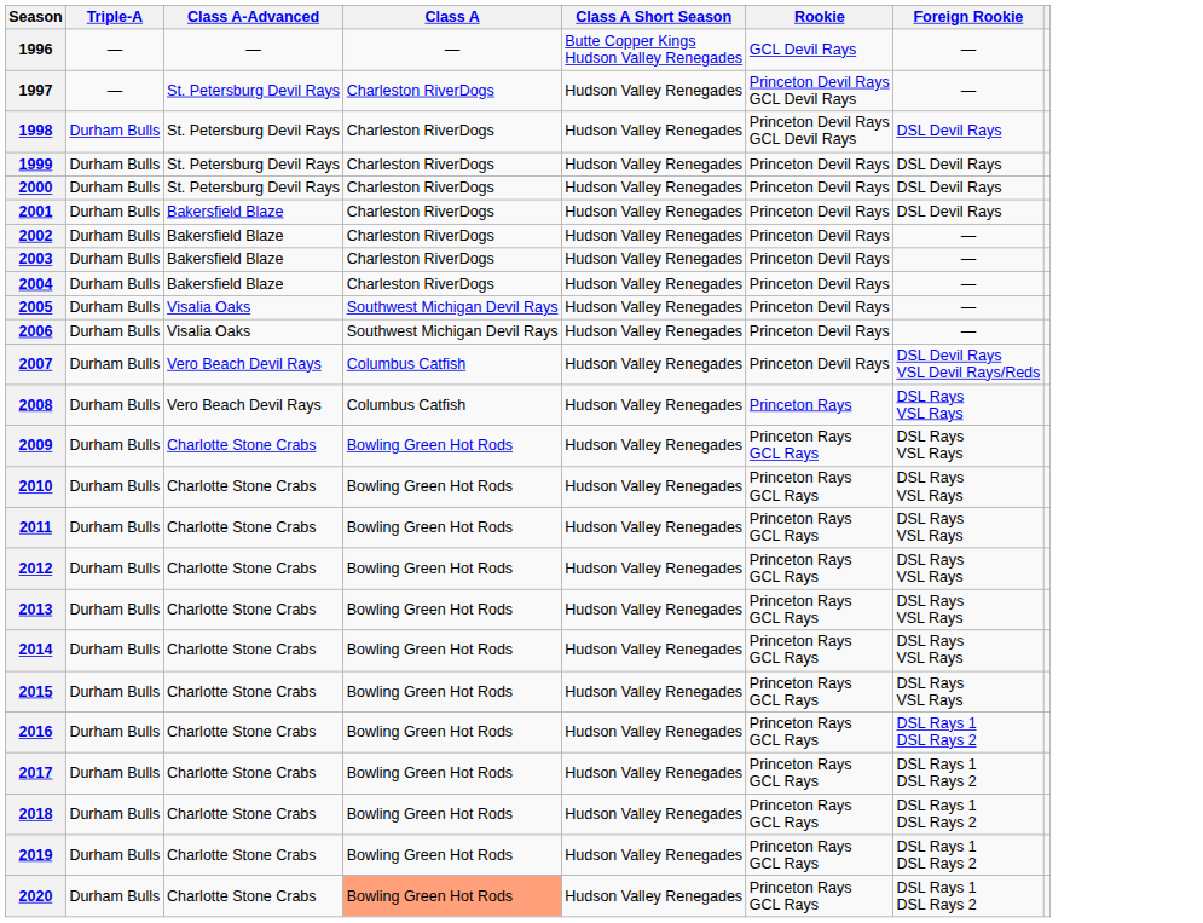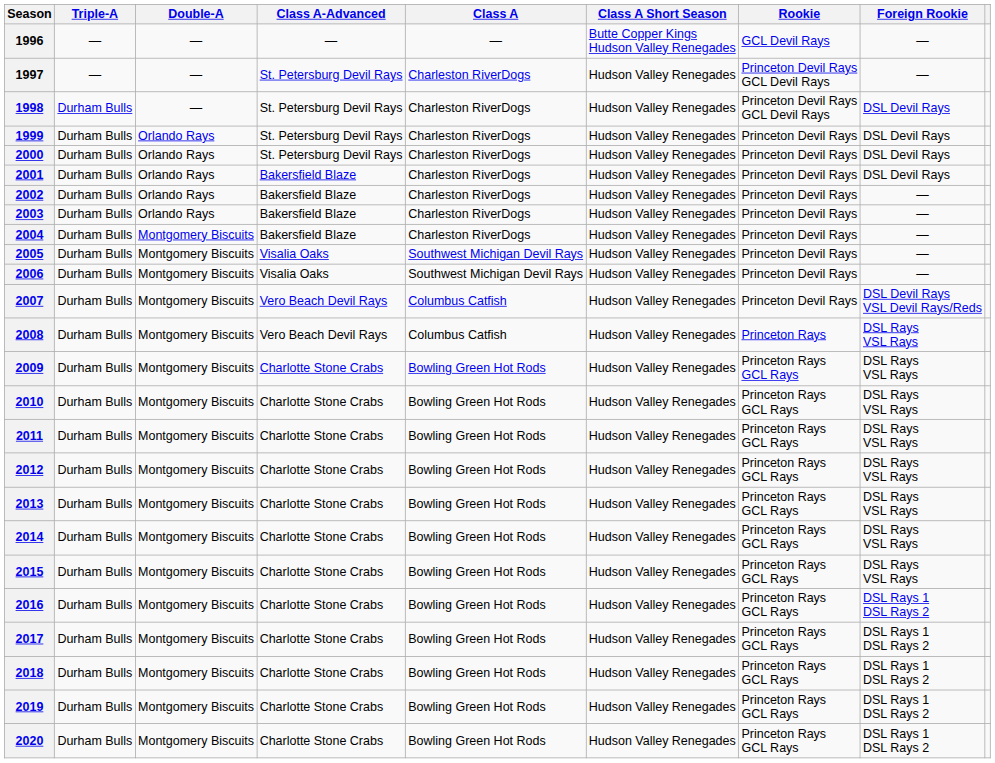 <table class="wikitable plainrowheaders">
 <tr>
 <th scope="col">Season</th>
 <th scope="col"><a href='#'><span>Triple-A</span></a></th>
+<th scope="col"><a href='#'><span>Double-A</span></a></th>
 <th scope="col"><a href='#'><span>Class A-Advanced</span></a></th>
 <th scope="col"><a href='#'><span>Class A</span></a></th>
 <th scope="col"><a href='#'><span>Class A Short Season</span></a></th>
 <th scope="col"><a href='#'><span>Rookie</span></a></th>
 <th scope="col"><a href='#'><span>Foreign Rookie</span></a></th>
 <th scope="col"></th>
 </tr>
 <tr>
 <th scope="row" style="text-align:center">1996</th>
 <td align="center">—</td>
 <td align="center">—</td>
 <td align="center">—</td>
+<td align="center">—</td>
 <td><a href='#'>Butte Copper Kings</a><br><a href='#'>Hudson Valley Renegades</a></td>
 <td><a href='#'>GCL Devil Rays</a></td>
 <td align="center">—</td>
 <td align="center"></td>
 </tr>
 <tr>
 <th scope="row" style="text-align:center">1997</th>
+<td align="center">—</td>
 <td align="center">—</td>
 <td><a href='#'>St. Petersburg Devil Rays</a></td>
 <td><a href='#'>Charleston RiverDogs</a></td>
 <td>Hudson Valley Renegades</td>
 <td><a href='#'>Princeton Devil Rays</a><br>GCL Devil Rays</td>
 <td align="center">—</td>
 <td align="center"></td>
 </tr>
 <tr>
 <th scope="row" style="text-align:center"><a href='#'>1998</a></th>
 <td><a href='#'>Durham Bulls</a></td>
+<td align="center">—</td>
 <td>St. Petersburg Devil Rays</td>
 <td>Charleston RiverDogs</td>
 <td>Hudson Valley Renegades</td>
 <td>Princeton Devil Rays<br>GCL Devil Rays</td>
 <td><a href='#'>DSL Devil Rays</a></td>
 <td align="center"></td>
 </tr>
 <tr>
 <th scope="row" style="text-align:center"><a href='#'>1999</a></th>
 <td>Durham Bulls</td>
+<td><a href='#'>Orlando Rays</a></td>
 <td>St. Petersburg Devil Rays</td>
 <td>Charleston RiverDogs</td>
 <td>Hudson Valley Renegades</td>
 <td>Princeton Devil Rays</td>
 <td>DSL Devil Rays</td>
 <td align="center"></td>
 </tr>
 <tr>
 <th scope="row" style="text-align:center"><a href='#'>2000</a></th>
 <td>Durham Bulls</td>
+<td>Orlando Rays</td>
 <td>St. Petersburg Devil Rays</td>
 <td>Charleston RiverDogs</td>
 <td>Hudson Valley Renegades</td>
 <td>Princeton Devil Rays</td>
 <td>DSL Devil Rays</td>
 <td align="center"></td>
 </tr>
 <tr>
 <th scope="row" style="text-align:center"><a href='#'>2001</a></th>
 <td>Durham Bulls</td>
+<td>Orlando Rays</td>
 <td><a href='#'>Bakersfield Blaze</a></td>
 <td>Charleston RiverDogs</td>
 <td>Hudson Valley Renegades</td>
 <td>Princeton Devil Rays</td>
 <td>DSL Devil Rays</td>
 <td align="center"></td>
 </tr>
 <tr>
 <th scope="row" style="text-align:center"><a href='#'>2002</a></th>
 <td>Durham Bulls</td>
+<td>Orlando Rays</td>
 <td>Bakersfield Blaze</td>
 <td>Charleston RiverDogs</td>
 <td>Hudson Valley Renegades</td>
 <td>Princeton Devil Rays</td>
 <td align="center">—</td>
 <td align="center"></td>
 </tr>
 <tr>
 <th scope="row" style="text-align:center"><a href='#'>2003</a></th>
 <td>Durham Bulls</td>
+<td>Orlando Rays</td>
 <td>Bakersfield Blaze</td>
 <td>Charleston RiverDogs</td>
 <td>Hudson Valley Renegades</td>
 <td>Princeton Devil Rays</td>
 <td align="center">—</td>
 <td align="center"></td>
 </tr>
 <tr>
 <th scope="row" style="text-align:center"><a href='#'>2004</a></th>
 <td>Durham Bulls</td>
+<td><a href='#'>Montgomery Biscuits</a></td>
 <td>Bakersfield Blaze</td>
 <td>Charleston RiverDogs</td>
 <td>Hudson Valley Renegades</td>
 <td>Princeton Devil Rays</td>
 <td align="center">—</td>
 <td align="center"></td>
 </tr>
 <tr>
 <th scope="row" style="text-align:center"><a href='#'>2005</a></th>
 <td>Durham Bulls</td>
+<td>Montgomery Biscuits</td>
 <td><a href='#'>Visalia Oaks</a></td>
 <td><a href='#'>Southwest Michigan Devil Rays</a></td>
 <td>Hudson Valley Renegades</td>
 <td>Princeton Devil Rays</td>
 <td align="center">—</td>
 <td align="center"></td>
 </tr>
 <tr>
 <th scope="row" style="text-align:center"><a href='#'>2006</a></th>
 <td>Durham Bulls</td>
+<td>Montgomery Biscuits</td>
 <td>Visalia Oaks</td>
 <td>Southwest Michigan Devil Rays</td>
 <td>Hudson Valley Renegades</td>
 <td>Princeton Devil Rays</td>
 <td align="center">—</td>
 <td align="center"></td>
 </tr>
 <tr>
 <th scope="row" style="text-align:center"><a href='#'>2007</a></th>
 <td>Durham Bulls</td>
+<td>Montgomery Biscuits</td>
 <td><a href='#'>Vero Beach Devil Rays</a></td>
 <td><a href='#'>Columbus Catfish</a></td>
 <td>Hudson Valley Renegades</td>
 <td>Princeton Devil Rays</td>
 <td><a href='#'>DSL Devil Rays</a><br><a href='#'>VSL Devil Rays/Reds</a></td>
 <td align="center"></td>
 </tr>
 <tr>
 <th scope="row" style="text-align:center"><a href='#'>2008</a></th>
 <td>Durham Bulls</td>
+<td>Montgomery Biscuits</td>
 <td>Vero Beach Devil Rays</td>
 <td>Columbus Catfish</td>
 <td>Hudson Valley Renegades</td>
 <td><a href='#'>Princeton Rays</a></td>
 <td><a href='#'>DSL Rays</a><br><a href='#'>VSL Rays</a></td>
 <td align="center"></td>
 </tr>
 <tr>
 <th scope="row" style="text-align:center"><a href='#'>2009</a></th>
 <td>Durham Bulls</td>
+<td>Montgomery Biscuits</td>
 <td><a href='#'>Charlotte Stone Crabs</a></td>
 <td><a href='#'>Bowling Green Hot Rods</a></td>
 <td>Hudson Valley Renegades</td>
 <td>Princeton Rays<br><a href='#'>GCL Rays</a></td>
 <td>DSL Rays<br>VSL Rays</td>
 <td align="center"></td>
 </tr>
 <tr>
 <th scope="row" style="text-align:center"><a href='#'>2010</a></th>
 <td>Durham Bulls</td>
+<td>Montgomery Biscuits</td>
 <td>Charlotte Stone Crabs</td>
 <td>Bowling Green Hot Rods</td>
 <td>Hudson Valley Renegades</td>
 <td>Princeton Rays<br>GCL Rays</td>
 <td>DSL Rays<br>VSL Rays</td>
 <td align="center"></td>
 </tr>
 <tr>
 <th scope="row" style="text-align:center"><a href='#'>2011</a></th>
 <td>Durham Bulls</td>
+<td>Montgomery Biscuits</td>
 <td>Charlotte Stone Crabs</td>
 <td>Bowling Green Hot Rods</td>
 <td>Hudson Valley Renegades</td>
 <td>Princeton Rays<br>GCL Rays</td>
 <td>DSL Rays<br>VSL Rays</td>
 <td align="center"></td>
 </tr>
 <tr>
 <th scope="row" style="text-align:center"><a href='#'>2012</a></th>
 <td>Durham Bulls</td>
+<td>Montgomery Biscuits</td>
 <td>Charlotte Stone Crabs</td>
 <td>Bowling Green Hot Rods</td>
 <td>Hudson Valley Renegades</td>
 <td>Princeton Rays<br>GCL Rays</td>
 <td>DSL Rays<br>VSL Rays</td>
 <td align="center"></td>
 </tr>
 <tr>
 <th scope="row" style="text-align:center"><a href='#'>2013</a></th>
 <td>Durham Bulls</td>
+<td>Montgomery Biscuits</td>
 <td>Charlotte Stone Crabs</td>
 <td>Bowling Green Hot Rods</td>
 <td>Hudson Valley Renegades</td>
 <td>Princeton Rays<br>GCL Rays</td>
 <td>DSL Rays<br>VSL Rays</td>
 <td align="center"></td>
 </tr>
 <tr>
 <th scope="row" style="text-align:center"><a href='#'>2014</a></th>
 <td>Durham Bulls</td>
+<td>Montgomery Biscuits</td>
 <td>Charlotte Stone Crabs</td>
 <td>Bowling Green Hot Rods</td>
 <td>Hudson Valley Renegades</td>
 <td>Princeton Rays<br>GCL Rays</td>
 <td>DSL Rays<br>VSL Rays</td>
 <td align="center"></td>
 </tr>
 <tr>
 <th scope="row" style="text-align:center"><a href='#'>2015</a></th>
 <td>Durham Bulls</td>
+<td>Montgomery Biscuits</td>
 <td>Charlotte Stone Crabs</td>
 <td>Bowling Green Hot Rods</td>
 <td>Hudson Valley Renegades</td>
 <td>Princeton Rays<br>GCL Rays</td>
 <td>DSL Rays<br>VSL Rays</td>
 <td align="center"></td>
 </tr>
 <tr>
 <th scope="row" style="text-align:center"><a href='#'>2016</a></th>
 <td>Durham Bulls</td>
+<td>Montgomery Biscuits</td>
 <td>Charlotte Stone Crabs</td>
 <td>Bowling Green Hot Rods</td>
 <td>Hudson Valley Renegades</td>
 <td>Princeton Rays<br>GCL Rays</td>
 <td><a href='#'>DSL Rays 1</a><br><a href='#'>DSL Rays 2</a></td>
 <td align="center"></td>
 </tr>
 <tr>
 <th scope="row" style="text-align:center"><a href='#'>2017</a></th>
 <td>Durham Bulls</td>
+<td>Montgomery Biscuits</td>
 <td>Charlotte Stone Crabs</td>
 <td>Bowling Green Hot Rods</td>
 <td>Hudson Valley Renegades</td>
 <td>Princeton Rays<br>GCL Rays</td>
 <td>DSL Rays 1<br>DSL Rays 2</td>
 <td align="center"></td>
 </tr>
 <tr>
 <th scope="row" style="text-align:center"><a href='#'>2018</a></th>
 <td>Durham Bulls</td>
+<td>Montgomery Biscuits</td>
 <td>Charlotte Stone Crabs</td>
 <td>Bowling Green Hot Rods</td>
 <td>Hudson Valley Renegades</td>
 <td>Princeton Rays<br>GCL Rays</td>
 <td>DSL Rays 1<br>DSL Rays 2</td>
 <td align="center"></td>
 </tr>
 <tr>
 <th scope="row" style="text-align:center"><a href='#'>2019</a></th>
 <td>Durham Bulls</td>
+<td>Montgomery Biscuits</td>
 <td>Charlotte Stone Crabs</td>
 <td>Bowling Green Hot Rods</td>
 <td>Hudson Valley Renegades</td>
 <td>Princeton Rays<br>GCL Rays</td>
 <td>DSL Rays 1<br>DSL Rays 2</td>
 <td align="center"></td>
 </tr>
 <tr>
 <th scope="row" style="text-align:center"><a href='#'>2020</a></th>
 <td>Durham Bulls</td>
+<td>Montgomery Biscuits</td>
 <td>Charlotte Stone Crabs</td>
-<td style="background: lightsalmon;">Bowling Green Hot Rods</td>
+<td>Bowling Green Hot Rods</td>
 <td>Hudson Valley Renegades</td>
 <td>Princeton Rays<br>GCL Rays</td>
 <td>DSL Rays 1<br>DSL Rays 2</td>
 <td align="center"></td>
 </tr>
 </table>
